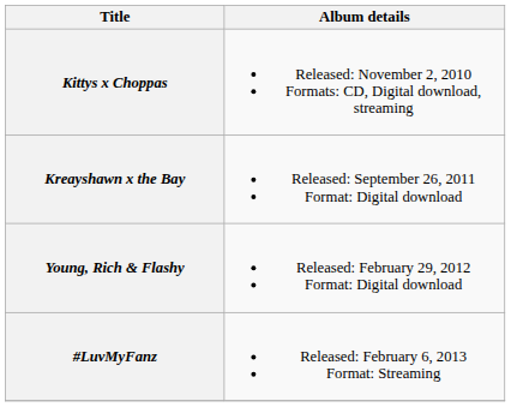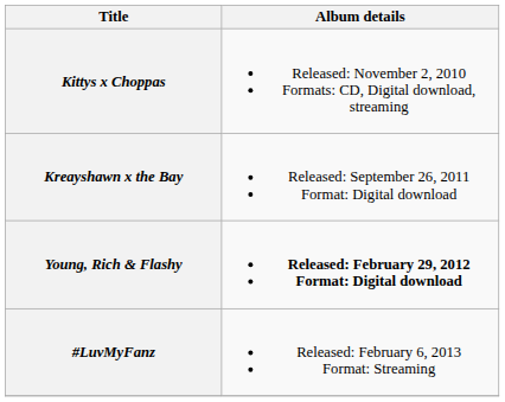 <table class="wikitable plainrowheaders" style="text-align:center;">
 <tr>
 <th scope="col" style="width:14em;">Title</th>
 <th scope="col" style="width:18em;">Album details</th>
 </tr>
 <tr>
 <th scope="row"><em>Kittys x Choppas</em></th>
 <td><br><ul><li>Released: November 2, 2010</li><li>Formats: CD, Digital download, streaming</li></ul></td>
 </tr>
 <tr>
 <th scope="row"><em>Kreayshawn x the Bay</em></th>
 <td><br><ul><li>Released: September 26, 2011</li><li>Format: Digital download</li></ul></td>
 </tr>
 <tr>
 <th scope="row"><em>Young, Rich & Flashy</em></th>
-<td><br><ul><li>Released: February 29, 2012</li><li>Format: Digital download</li></ul></td>
+<td><strong><br><ul><li>Released: February 29, 2012</li><li>Format: Digital download</li></ul></strong></td>
 </tr>
 <tr>
 <th scope="row"><em>#LuvMyFanz</em></th>
 <td><br><ul><li>Released: February 6, 2013</li><li>Format: Streaming</li></ul></td>
 </tr>
 <tr>
 </tr>
 </table>
